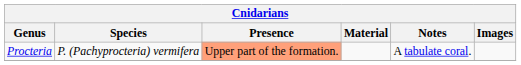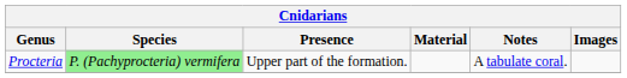 <table class="wikitable" align="center">
 <tr>
 <th colspan="6" align="center"><strong><a href='#'>Cnidarians</a></strong></th>
 </tr>
 <tr>
 <th>Genus</th>
 <th>Species</th>
 <th>Presence</th>
 <th><strong>Material</strong></th>
 <th>Notes</th>
 <th>Images</th>
 </tr>
 <tr>
 <td><em><a href='#'>Procteria</a></em></td>
-<td><em>P. (Pachyprocteria) vermifera</em></td>
-<td style="background: lightsalmon;">Upper part of the formation.</td>
+<td style="background: lightgreen;"><em>P. (Pachyprocteria) vermifera</em></td>
+<td>Upper part of the formation.</td>
 <td></td>
 <td>A <a href='#'>tabulate coral</a>.</td>
 <td></td>
 </tr>
 <tr>
 </tr>
 </table>
